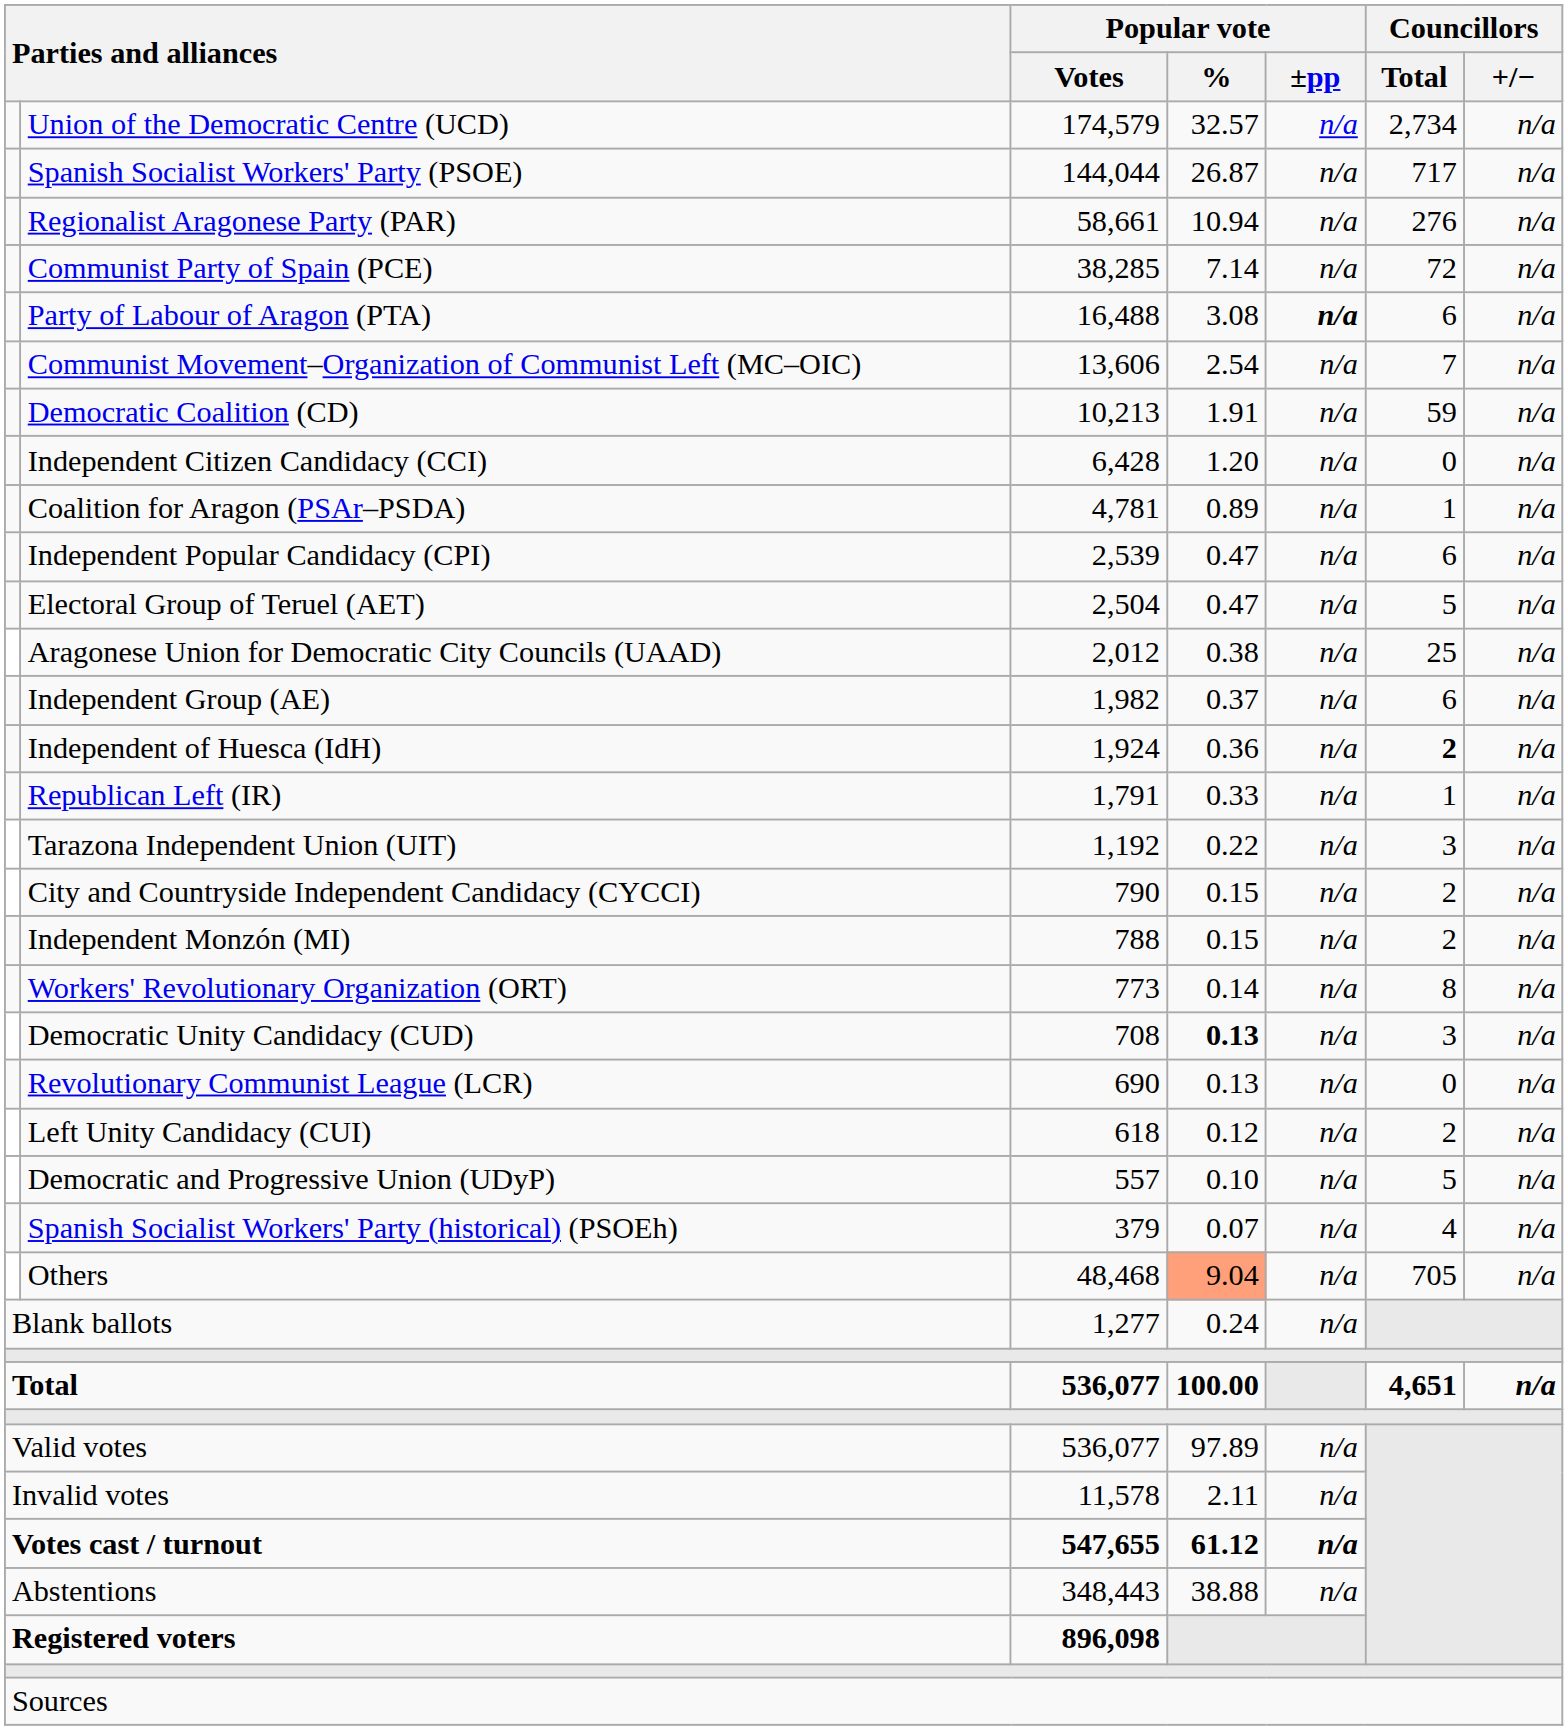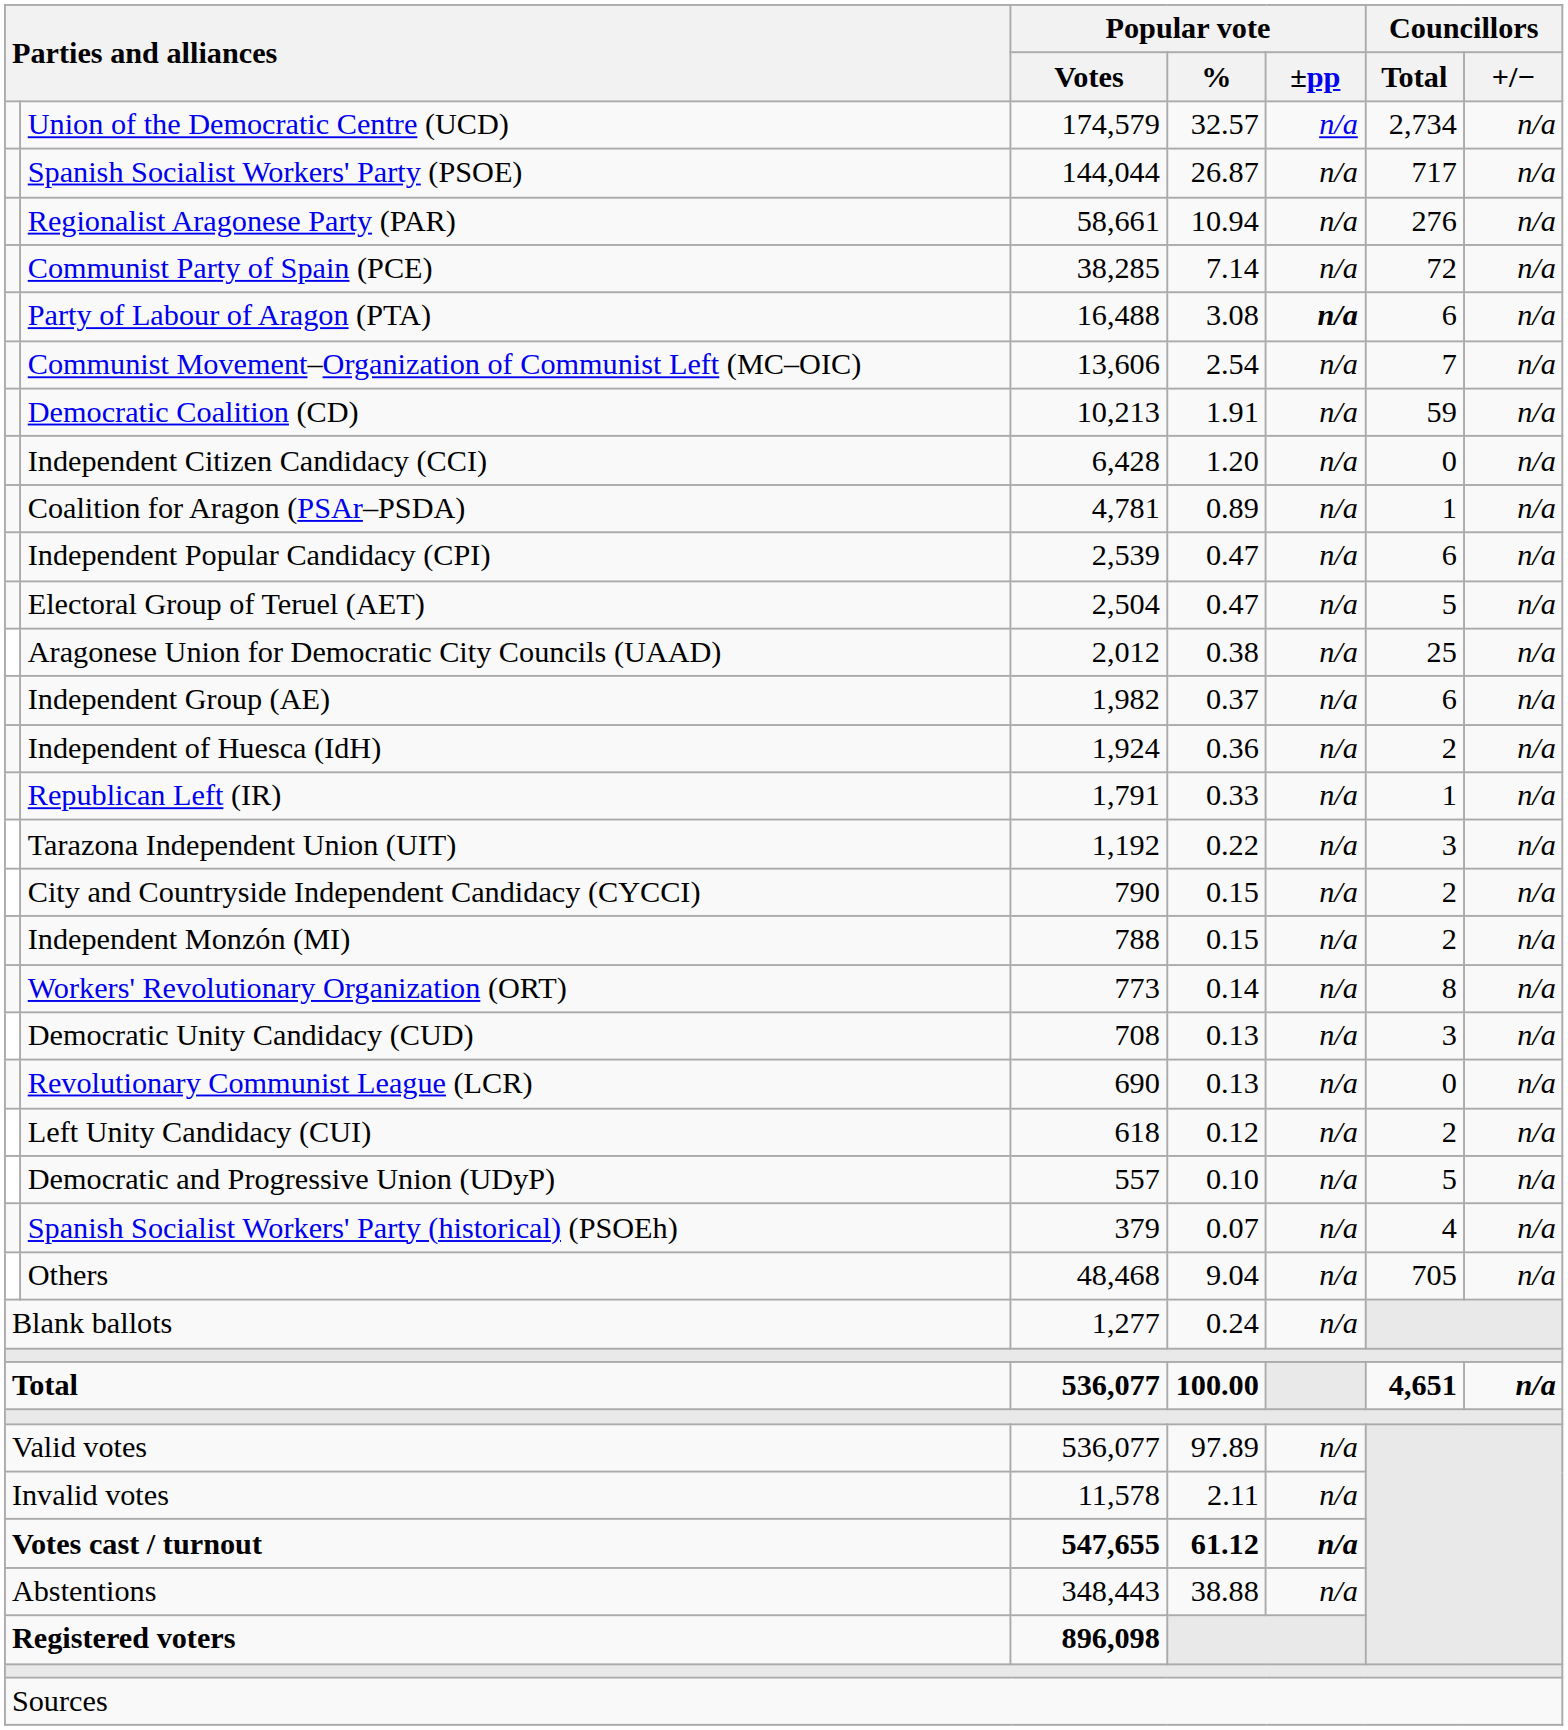 <table class="wikitable" style="text-align:right;">
 <tr>
 <th style="text-align:left;" rowspan="2" colspan="2" width="525">Parties and alliances</th>
 <th colspan="3">Popular vote</th>
 <th colspan="2">Councillors</th>
 </tr>
 <tr>
 <th width="75">Votes</th>
 <th width="45">%</th>
 <th width="45">±<a href='#'>pp</a></th>
 <th width="45">Total</th>
 <th width="45">+/−</th>
 </tr>
 <tr>
 <td width="1" style="color:inherit;background:"></td>
 <td align="left"><a href='#'>Union of the Democratic Centre</a> (UCD)</td>
 <td>174,579</td>
 <td>32.57</td>
 <td><em><a href='#'>n/a</a></em></td>
 <td>2,734</td>
 <td><em>n/a</em></td>
 </tr>
 <tr>
 <td style="color:inherit;background:"></td>
 <td align="left"><a href='#'>Spanish Socialist Workers' Party</a> (PSOE)</td>
 <td>144,044</td>
 <td>26.87</td>
 <td><em>n/a</em></td>
 <td>717</td>
 <td><em>n/a</em></td>
 </tr>
 <tr>
 <td style="color:inherit;background:"></td>
 <td align="left"><a href='#'>Regionalist Aragonese Party</a> (PAR)</td>
 <td>58,661</td>
 <td>10.94</td>
 <td><em>n/a</em></td>
 <td>276</td>
 <td><em>n/a</em></td>
 </tr>
 <tr>
 <td style="color:inherit;background:"></td>
 <td align="left"><a href='#'>Communist Party of Spain</a> (PCE)</td>
 <td>38,285</td>
 <td>7.14</td>
 <td><em>n/a</em></td>
 <td>72</td>
 <td><em>n/a</em></td>
 </tr>
 <tr>
 <td style="color:inherit;background:"></td>
 <td align="left"><a href='#'>Party of Labour of Aragon</a> (PTA)</td>
 <td>16,488</td>
 <td>3.08</td>
 <td><strong><em>n/a</em></strong></td>
 <td>6</td>
 <td><em>n/a</em></td>
 </tr>
 <tr>
 <td style="color:inherit;background:"></td>
 <td align="left"><a href='#'>Communist Movement</a>–<a href='#'>Organization of Communist Left</a> (MC–OIC)</td>
 <td>13,606</td>
 <td>2.54</td>
 <td><em>n/a</em></td>
 <td>7</td>
 <td><em>n/a</em></td>
 </tr>
 <tr>
 <td style="color:inherit;background:"></td>
 <td align="left"><a href='#'>Democratic Coalition</a> (CD)</td>
 <td>10,213</td>
 <td>1.91</td>
 <td><em>n/a</em></td>
 <td>59</td>
 <td><em>n/a</em></td>
 </tr>
 <tr>
 <td style="color:inherit;background:"></td>
 <td align="left">Independent Citizen Candidacy (CCI)</td>
 <td>6,428</td>
 <td>1.20</td>
 <td><em>n/a</em></td>
 <td>0</td>
 <td><em>n/a</em></td>
 </tr>
 <tr>
 <td style="color:inherit;background:"></td>
 <td align="left">Coalition for Aragon (<a href='#'>PSAr</a>–PSDA)</td>
 <td>4,781</td>
 <td>0.89</td>
 <td><em>n/a</em></td>
 <td>1</td>
 <td><em>n/a</em></td>
 </tr>
 <tr>
 <td style="color:inherit;background:"></td>
 <td align="left">Independent Popular Candidacy (CPI)</td>
 <td>2,539</td>
 <td>0.47</td>
 <td><em>n/a</em></td>
 <td>6</td>
 <td><em>n/a</em></td>
 </tr>
 <tr>
 <td style="color:inherit;background:"></td>
 <td align="left">Electoral Group of Teruel (AET)</td>
 <td>2,504</td>
 <td>0.47</td>
 <td><em>n/a</em></td>
 <td>5</td>
 <td><em>n/a</em></td>
 </tr>
 <tr>
 <td bgcolor="white"></td>
 <td align="left">Aragonese Union for Democratic City Councils (UAAD)</td>
 <td>2,012</td>
 <td>0.38</td>
 <td><em>n/a</em></td>
 <td>25</td>
 <td><em>n/a</em></td>
 </tr>
 <tr>
 <td style="color:inherit;background:"></td>
 <td align="left">Independent Group (AE)</td>
 <td>1,982</td>
 <td>0.37</td>
 <td><em>n/a</em></td>
 <td>6</td>
 <td><em>n/a</em></td>
 </tr>
 <tr>
 <td style="color:inherit;background:"></td>
 <td align="left">Independent of Huesca (IdH)</td>
 <td>1,924</td>
 <td>0.36</td>
 <td><em>n/a</em></td>
-<td><strong>2</strong></td>
+<td>2</td>
 <td><em>n/a</em></td>
 </tr>
 <tr>
 <td style="color:inherit;background:"></td>
 <td align="left"><a href='#'>Republican Left</a> (IR)</td>
 <td>1,791</td>
 <td>0.33</td>
 <td><em>n/a</em></td>
 <td>1</td>
 <td><em>n/a</em></td>
 </tr>
 <tr>
 <td bgcolor="white"></td>
 <td align="left">Tarazona Independent Union (UIT)</td>
 <td>1,192</td>
 <td>0.22</td>
 <td><em>n/a</em></td>
 <td>3</td>
 <td><em>n/a</em></td>
 </tr>
 <tr>
 <td bgcolor="white"></td>
 <td align="left">City and Countryside Independent Candidacy (CYCCI)</td>
 <td>790</td>
 <td>0.15</td>
 <td><em>n/a</em></td>
 <td>2</td>
 <td><em>n/a</em></td>
 </tr>
 <tr>
 <td style="color:inherit;background:"></td>
 <td align="left">Independent Monzón (MI)</td>
 <td>788</td>
 <td>0.15</td>
 <td><em>n/a</em></td>
 <td>2</td>
 <td><em>n/a</em></td>
 </tr>
 <tr>
 <td style="color:inherit;background:"></td>
 <td align="left"><a href='#'>Workers' Revolutionary Organization</a> (ORT)</td>
 <td>773</td>
 <td>0.14</td>
 <td><em>n/a</em></td>
 <td>8</td>
 <td><em>n/a</em></td>
 </tr>
 <tr>
 <td bgcolor="white"></td>
 <td align="left">Democratic Unity Candidacy (CUD)</td>
 <td>708</td>
-<td><strong>0.13</strong></td>
+<td>0.13</td>
 <td><em>n/a</em></td>
 <td>3</td>
 <td><em>n/a</em></td>
 </tr>
 <tr>
 <td style="color:inherit;background:"></td>
 <td align="left"><a href='#'>Revolutionary Communist League</a> (LCR)</td>
 <td>690</td>
 <td>0.13</td>
 <td><em>n/a</em></td>
 <td>0</td>
 <td><em>n/a</em></td>
 </tr>
 <tr>
 <td bgcolor="white"></td>
 <td align="left">Left Unity Candidacy (CUI)</td>
 <td>618</td>
 <td>0.12</td>
 <td><em>n/a</em></td>
 <td>2</td>
 <td><em>n/a</em></td>
 </tr>
 <tr>
 <td bgcolor="white"></td>
 <td align="left">Democratic and Progressive Union (UDyP)</td>
 <td>557</td>
 <td>0.10</td>
 <td><em>n/a</em></td>
 <td>5</td>
 <td><em>n/a</em></td>
 </tr>
 <tr>
 <td style="color:inherit;background:"></td>
 <td align="left"><a href='#'>Spanish Socialist Workers' Party (historical)</a> (PSOEh)</td>
 <td>379</td>
 <td>0.07</td>
 <td><em>n/a</em></td>
 <td>4</td>
 <td><em>n/a</em></td>
 </tr>
 <tr>
 <td bgcolor="white"></td>
 <td align="left">Others</td>
 <td>48,468</td>
-<td style="background: lightsalmon;">9.04</td>
+<td>9.04</td>
 <td><em>n/a</em></td>
 <td>705</td>
 <td><em>n/a</em></td>
 </tr>
 <tr>
 <td align="left" colspan="2">Blank ballots</td>
 <td>1,277</td>
 <td>0.24</td>
 <td><em>n/a</em></td>
 <td bgcolor="#E9E9E9" colspan="2"></td>
 </tr>
 <tr>
 <td colspan="7" bgcolor="#E9E9E9"></td>
 </tr>
 <tr style="font-weight:bold;">
 <td align="left" colspan="2">Total</td>
 <td>536,077</td>
 <td>100.00</td>
 <td bgcolor="#E9E9E9"></td>
 <td>4,651</td>
 <td><em>n/a</em></td>
 </tr>
 <tr>
 <td colspan="7" bgcolor="#E9E9E9"></td>
 </tr>
 <tr>
 <td align="left" colspan="2">Valid votes</td>
 <td>536,077</td>
 <td>97.89</td>
 <td><em>n/a</em></td>
 <td bgcolor="#E9E9E9" colspan="2" rowspan="5"></td>
 </tr>
 <tr>
 <td align="left" colspan="2">Invalid votes</td>
 <td>11,578</td>
 <td>2.11</td>
 <td><em>n/a</em></td>
 </tr>
 <tr style="font-weight:bold;">
 <td align="left" colspan="2">Votes cast / turnout</td>
 <td>547,655</td>
 <td>61.12</td>
 <td><em>n/a</em></td>
 </tr>
 <tr>
 <td align="left" colspan="2">Abstentions</td>
 <td>348,443</td>
 <td>38.88</td>
 <td><em>n/a</em></td>
 </tr>
 <tr style="font-weight:bold;">
 <td align="left" colspan="2">Registered voters</td>
 <td>896,098</td>
 <td bgcolor="#E9E9E9" colspan="2"></td>
 </tr>
 <tr>
 <td colspan="7" bgcolor="#E9E9E9"></td>
 </tr>
 <tr>
 <td align="left" colspan="7">Sources</td>
 </tr>
 </table>
